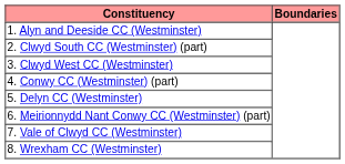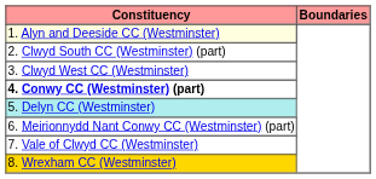 <table border=1 cellpadding="2" cellspacing="0">
 <tr>
 <th bgcolor="#ff9999">Constituency</th>
 <th bgcolor="#ff9999">Boundaries</th>
 </tr>
 <tr>
-<td>1. <a href='#'>Alyn and Deeside CC (Westminster)</a></td>
+<td style="background: lightyellow;">1. <a href='#'>Alyn and Deeside CC (Westminster)</a></td>
 <td rowspan=8></td>
 </tr>
 <tr>
 <td>2. <a href='#'>Clwyd South CC (Westminster)</a> (part)</td>
 </tr>
 <tr>
 <td>3. <a href='#'>Clwyd West CC (Westminster)</a></td>
 </tr>
 <tr>
-<td>4. <a href='#'>Conwy CC (Westminster)</a> (part)</td>
+<td><strong>4. <a href='#'>Conwy CC (Westminster)</a> (part)</strong></td>
 </tr>
 <tr>
-<td>5. <a href='#'>Delyn CC (Westminster)</a></td>
+<td style="background: paleturquoise;">5. <a href='#'>Delyn CC (Westminster)</a></td>
 </tr>
 <tr>
 <td>6. <a href='#'>Meirionnydd Nant Conwy CC (Westminster)</a> (part)</td>
 </tr>
 <tr>
 <td>7. <a href='#'>Vale of Clwyd CC (Westminster)</a></td>
 </tr>
 <tr>
-<td>8. <a href='#'>Wrexham CC (Westminster)</a></td>
+<td style="background: gold;">8. <a href='#'>Wrexham CC (Westminster)</a></td>
 </tr>
 </table>
